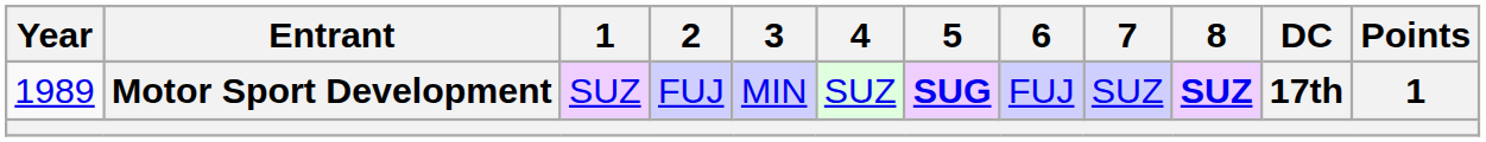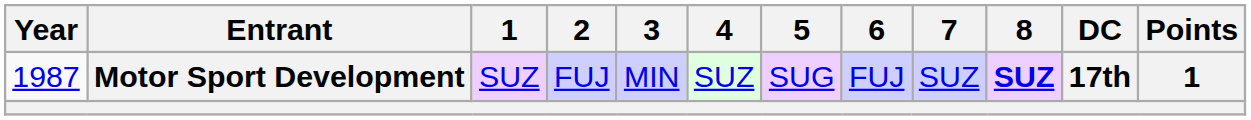 <table class="wikitable" style="text-align:center; font-size:85%">
 <tr>
 <th>Year</th>
 <th>Entrant</th>
 <th>1</th>
 <th>2</th>
 <th>3</th>
 <th>4</th>
 <th>5</th>
 <th>6</th>
 <th>7</th>
 <th>8</th>
 <th>DC</th>
 <th>Points</th>
 </tr>
 <tr>
-<td><a href='#'>1989</a></td>
+<td><a href='#'>1987</a></td>
 <th nowrap>Motor Sport Development</th>
 <td style="background:#EFCFFF;"><a href='#'>SUZ</a><br></td>
 <td style="background:#CFCFFF;"><a href='#'>FUJ</a><br></td>
 <td style="background:#CFCFFF;"><a href='#'>MIN</a><br></td>
 <td style="background:#DFFFDF;"><a href='#'>SUZ</a><br></td>
-<td style="background:#EFCFFF;"><strong><a href='#'>SUG</a><br></strong></td>
+<td style="background:#EFCFFF;"><a href='#'>SUG</a><br></td>
 <td style="background:#CFCFFF;"><a href='#'>FUJ</a><br></td>
 <td style="background:#CFCFFF;"><a href='#'>SUZ</a><br></td>
 <td style="background:#EFCFFF;"><strong><a href='#'>SUZ</a><br></strong></td>
 <th>17th</th>
 <th>1</th>
 </tr>
 <tr>
 <th colspan="12"></th>
 </tr>
 </table>
